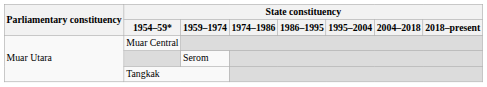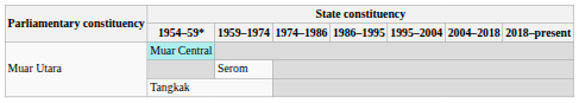 <table class="wikitable">
 <tr>
 <th rowspan="2">Parliamentary constituency</th>
 <th colspan="7">State constituency</th>
 </tr>
 <tr>
 <th>1954–59*</th>
 <th>1959–1974</th>
 <th>1974–1986</th>
 <th>1986–1995</th>
 <th>1995–2004</th>
 <th>2004–2018</th>
 <th>2018–present</th>
 </tr>
 <tr>
 <td rowspan="3">Muar Utara</td>
-<td>Muar Central</td>
+<td style="background: paleturquoise;">Muar Central</td>
 <td colspan="6" bgcolor="dcdcdc"></td>
 </tr>
 <tr>
 <td bgcolor="dcdcdc"></td>
 <td>Serom</td>
 <td colspan="5" bgcolor="dcdcdc"></td>
 </tr>
 <tr>
 <td colspan="2">Tangkak</td>
 <td colspan="5" bgcolor="dcdcdc"></td>
 </tr>
 </table>
